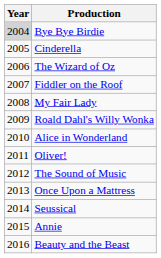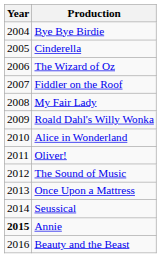 <table class="wikitable">
 <tr>
 <th>Year</th>
 <th>Production</th>
 </tr>
 <tr>
-<td style="background: lightgrey;">2004</td>
+<td>2004</td>
 <td><a href='#'>Bye Bye Birdie</a></td>
 </tr>
 <tr>
 <td>2005</td>
 <td><a href='#'>Cinderella</a></td>
 </tr>
 <tr>
 <td>2006</td>
 <td><a href='#'>The Wizard of Oz</a></td>
 </tr>
 <tr>
 <td>2007</td>
 <td><a href='#'>Fiddler on the Roof</a></td>
 </tr>
 <tr>
 <td>2008</td>
 <td><a href='#'>My Fair Lady</a></td>
 </tr>
 <tr>
 <td>2009</td>
 <td><a href='#'>Roald Dahl's Willy Wonka</a></td>
 </tr>
 <tr>
 <td>2010</td>
 <td><a href='#'>Alice in Wonderland</a></td>
 </tr>
 <tr>
 <td>2011</td>
 <td><a href='#'>Oliver!</a></td>
 </tr>
 <tr>
 <td>2012</td>
 <td><a href='#'>The Sound of Music</a></td>
 </tr>
 <tr>
 <td>2013</td>
 <td><a href='#'>Once Upon a Mattress</a></td>
 </tr>
 <tr>
 <td>2014</td>
 <td><a href='#'>Seussical</a></td>
 </tr>
 <tr>
-<td>2015</td>
+<td><strong>2015</strong></td>
 <td><a href='#'>Annie</a></td>
 </tr>
 <tr>
 <td>2016</td>
 <td><a href='#'>Beauty and the Beast</a></td>
 </tr>
 </table>
